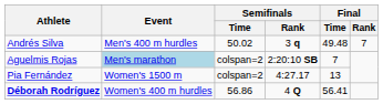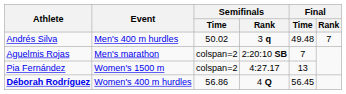 <table class=wikitable style="font-size:90%;">
 <tr>
 <th rowspan=2>Athlete</th>
 <th rowspan=2>Event</th>
 <th colspan=2>Semifinals</th>
 <th colspan=2>Final</th>
 </tr>
 <tr style="font-size:95%">
 <th>Time</th>
 <th>Rank</th>
 <th>Time</th>
 <th>Rank</th>
 </tr>
 <tr align=center>
 <td align=left><a href='#'>Andrés Silva</a></td>
 <td align=left><a href='#'>Men's 400 m hurdles</a></td>
 <td>50.02</td>
 <td>3 <strong>q</strong></td>
 <td>49.48</td>
 <td>7</td>
 </tr>
 <tr align=center>
 <td align=left><a href='#'>Aguelmis Rojas</a></td>
-<td align=left style="background: lightblue;"><a href='#'>Men's marathon</a></td>
+<td align=left><a href='#'>Men's marathon</a></td>
 <td>colspan=2 </td>
 <td>2:20:10 <strong>SB</strong></td>
 <td>7</td>
 </tr>
 <tr align=center>
 <td align=left><a href='#'>Pia Fernández</a></td>
 <td align=left><a href='#'>Women's 1500 m</a></td>
 <td>colspan=2 </td>
 <td>4:27.17</td>
 <td>13</td>
 </tr>
 <tr align=center>
 <td align=left><strong><a href='#'>Déborah Rodríguez</a></strong></td>
 <td align=left><a href='#'>Women's 400 m hurdles</a></td>
 <td>56.86</td>
 <td>4 <strong>Q</strong></td>
-<td>56.41</td>
+<td>56.45</td>
 <td></td>
 </tr>
 </table>
